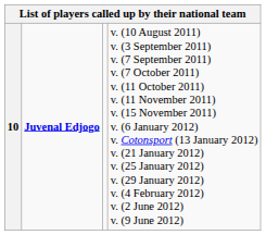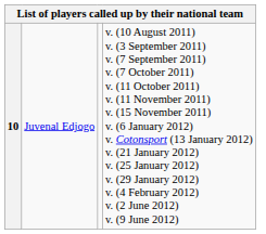 <table class="wikitable collapsible collapsed" style="font-size: 85%">
 <tr>
 <th colspan="4">List of players called up by their national team</th>
 </tr>
 <tr>
 <th>10</th>
-<td><strong><a href='#'>Juvenal Edjogo</a></strong></td>
+<td><a href='#'>Juvenal Edjogo</a></td>
 <td></td>
 <td>v.  (10 August 2011)<br>v.  (3 September 2011)<br>v.  (7 September 2011)<br>v.  (7 October 2011)<br>v.  (11 October 2011)<br>v.  (11 November 2011)<br>v.  (15 November 2011)<br>v.  (6 January 2012)<br>v.  <em><a href='#'>Cotonsport</a></em> (13 January 2012)<br>v.  (21 January 2012)<br>v.  (25 January 2012)<br>v.  (29 January 2012)<br>v.  (4 February 2012)<br>v.  (2 June 2012)<br>v.  (9 June 2012)</td>
 </tr>
 </table>
